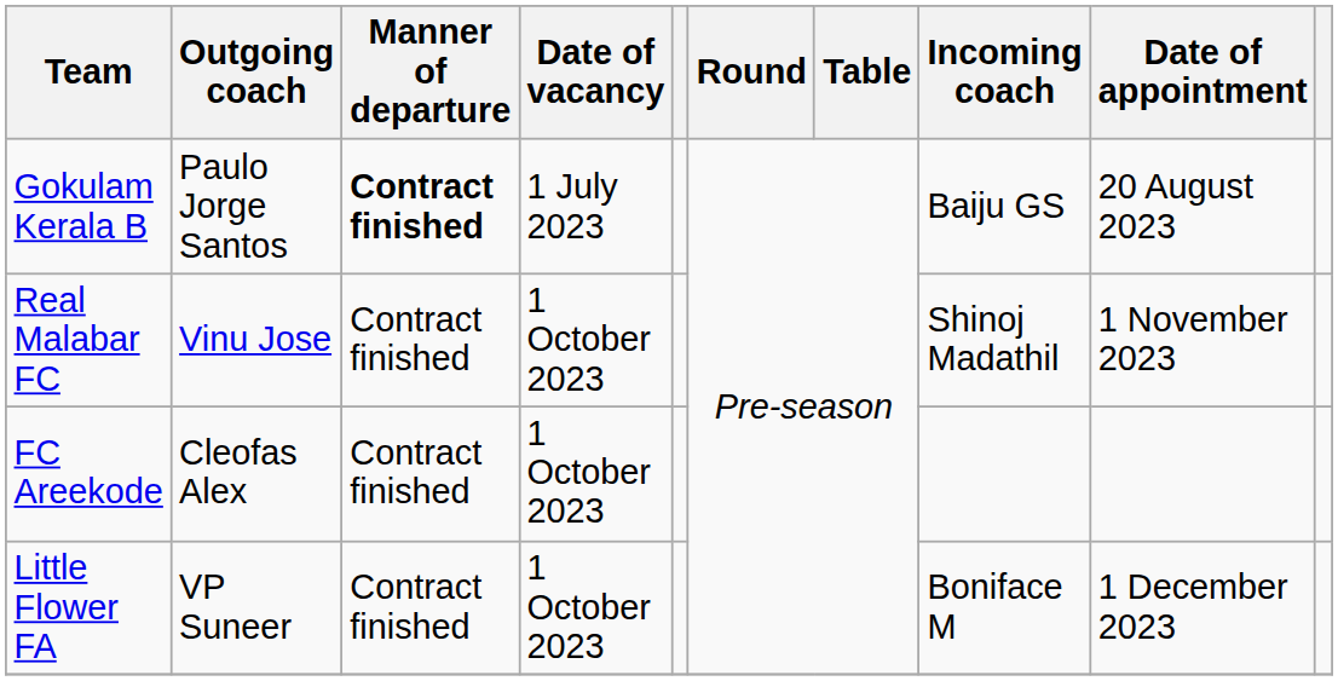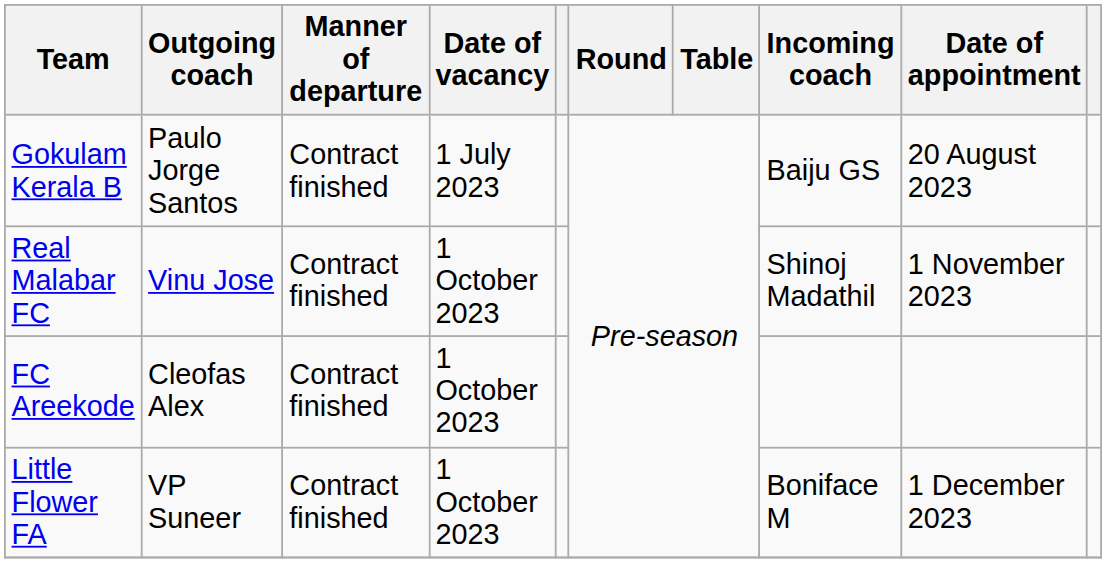 <table class="wikitable sortable" style="text-align: left; font-size">
 <tr>
 <th scope=col>Team</th>
 <th scope=col>Outgoing coach</th>
 <th scope=col>Manner of departure</th>
 <th scope=col>Date of vacancy</th>
 <th scope=col class=unsortable></th>
 <th scope=col>Round</th>
 <th scope=col>Table</th>
 <th scope=col>Incoming coach</th>
 <th scope=col>Date of appointment</th>
 <th scope=col class=unsortable></th>
 </tr>
 <tr>
 <td><a href='#'>Gokulam Kerala B</a></td>
 <td> Paulo Jorge Santos</td>
-<td><strong>Contract finished</strong></td>
+<td>Contract finished</td>
 <td>1 July 2023</td>
 <td></td>
 <td rowspan="4" align="center" colspan="2"><em>Pre-season</em></td>
 <td> Baiju GS</td>
 <td>20 August 2023</td>
 <td></td>
 </tr>
 <tr>
 <td><a href='#'>Real Malabar FC</a></td>
 <td> <a href='#'>Vinu Jose</a></td>
 <td>Contract finished</td>
 <td>1 October 2023</td>
 <td></td>
 <td> Shinoj Madathil</td>
 <td>1 November 2023</td>
 <td></td>
 </tr>
 <tr>
 <td><a href='#'>FC Areekode</a></td>
 <td> Cleofas Alex</td>
 <td>Contract finished</td>
 <td>1 October 2023</td>
 <td></td>
 <td></td>
 <td></td>
 <td></td>
 </tr>
 <tr>
 <td><a href='#'>Little Flower FA</a></td>
 <td> VP Suneer</td>
 <td>Contract finished</td>
 <td>1 October 2023</td>
 <td></td>
 <td> Boniface M</td>
 <td>1 December 2023</td>
 <td></td>
 </tr>
 <tr>
 </tr>
 </table>
